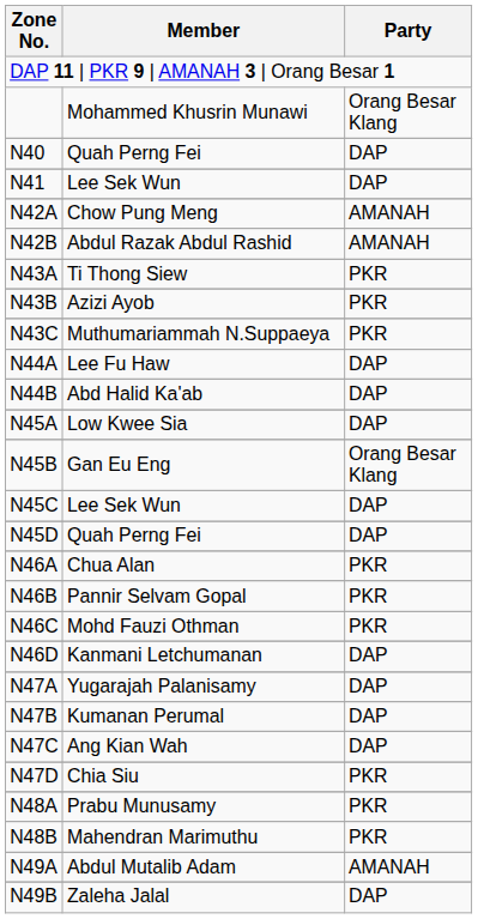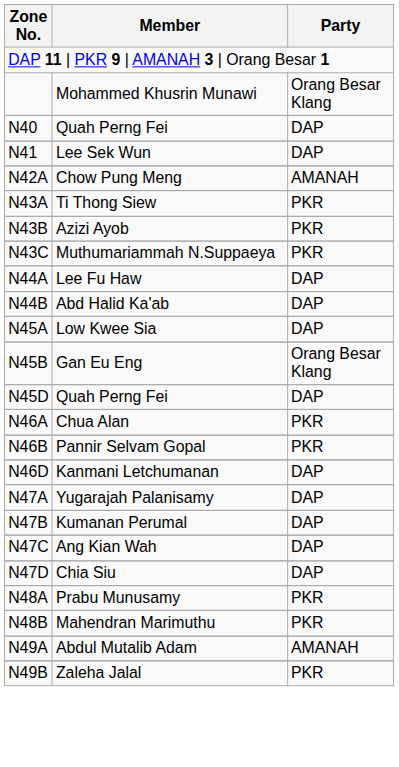 <table class="wikitable sortable">
 <tr>
 <th width="30">Zone No.</th>
 <th width="230">Member</th>
 <th width="100">Party</th>
 </tr>
 <tr>
 <td colspan="3"><a href='#'>DAP</a> <strong>11</strong> | <a href='#'>PKR</a> <strong>9</strong> |  <a href='#'>AMANAH</a> <strong>3</strong> | Orang Besar <strong>1</strong></td>
 </tr>
 <tr>
 <td></td>
 <td>Mohammed Khusrin Munawi</td>
 <td>Orang Besar Klang</td>
 </tr>
 <tr>
 </tr>
 <tr>
 <td>N40</td>
 <td>Quah Perng Fei</td>
 <td>DAP</td>
 </tr>
 <tr>
 </tr>
 <tr>
 <td>N41</td>
 <td>Lee Sek Wun</td>
 <td>DAP</td>
 </tr>
 <tr>
 </tr>
 <tr>
 <td>N42A</td>
 <td>Chow Pung Meng</td>
 <td>AMANAH</td>
 </tr>
 <tr>
-</tr>
-<tr>
-<td>N42B</td>
-<td>Abdul Razak Abdul Rashid</td>
-<td>AMANAH</td>
 </tr>
 <tr>
 </tr>
 <tr>
 <td>N43A</td>
 <td>Ti Thong Siew</td>
 <td>PKR</td>
 </tr>
 <tr>
 </tr>
 <tr>
 <td>N43B</td>
 <td>Azizi Ayob</td>
 <td>PKR</td>
 </tr>
 <tr>
 </tr>
 <tr>
 <td>N43C</td>
 <td>Muthumariammah N.Suppaeya</td>
 <td>PKR</td>
 </tr>
 <tr>
 </tr>
 <tr>
 <td>N44A</td>
 <td>Lee Fu Haw</td>
 <td>DAP</td>
 </tr>
 <tr>
 </tr>
 <tr>
 <td>N44B</td>
 <td>Abd Halid Ka'ab</td>
 <td>DAP</td>
 </tr>
 <tr>
 </tr>
 <tr>
 <td>N45A</td>
 <td>Low Kwee Sia</td>
 <td>DAP</td>
 </tr>
 <tr>
 </tr>
 <tr>
 <td>N45B</td>
 <td>Gan Eu Eng</td>
 <td>Orang Besar Klang</td>
 </tr>
 <tr>
 </tr>
 <tr>
-<td>N45C</td>
-<td>Lee Sek Wun</td>
-<td>DAP</td>
-</tr>
-<tr>
 </tr>
 <tr>
 <td>N45D</td>
 <td>Quah Perng Fei</td>
 <td>DAP</td>
 </tr>
 <tr>
 </tr>
 <tr>
 <td>N46A</td>
 <td>Chua Alan</td>
 <td>PKR</td>
 </tr>
 <tr>
 </tr>
 <tr>
 <td>N46B</td>
 <td>Pannir Selvam Gopal</td>
 <td>PKR</td>
 </tr>
 <tr>
-</tr>
-<tr>
-<td>N46C</td>
-<td>Mohd Fauzi Othman</td>
-<td>PKR</td>
 </tr>
 <tr>
 </tr>
 <tr>
 <td>N46D</td>
 <td>Kanmani Letchumanan</td>
 <td>DAP</td>
 </tr>
 <tr>
 </tr>
 <tr>
 <td>N47A</td>
 <td>Yugarajah Palanisamy</td>
 <td>DAP</td>
 </tr>
 <tr>
 </tr>
 <tr>
 <td>N47B</td>
 <td>Kumanan Perumal</td>
 <td>DAP</td>
 </tr>
 <tr>
 </tr>
 <tr>
 <td>N47C</td>
 <td>Ang Kian Wah</td>
 <td>DAP</td>
 </tr>
 <tr>
 </tr>
 <tr>
 <td>N47D</td>
 <td>Chia Siu</td>
-<td>PKR</td>
+<td>DAP</td>
 </tr>
 <tr>
 </tr>
 <tr>
 <td>N48A</td>
 <td>Prabu Munusamy</td>
 <td>PKR</td>
 </tr>
 <tr>
 </tr>
 <tr>
 <td>N48B</td>
 <td>Mahendran Marimuthu</td>
 <td>PKR</td>
 </tr>
 <tr>
 </tr>
 <tr>
 <td>N49A</td>
 <td>Abdul Mutalib Adam</td>
 <td>AMANAH</td>
 </tr>
 <tr>
 </tr>
 <tr>
 <td>N49B</td>
 <td>Zaleha Jalal</td>
-<td>DAP</td>
+<td>PKR</td>
 </tr>
 </table>
